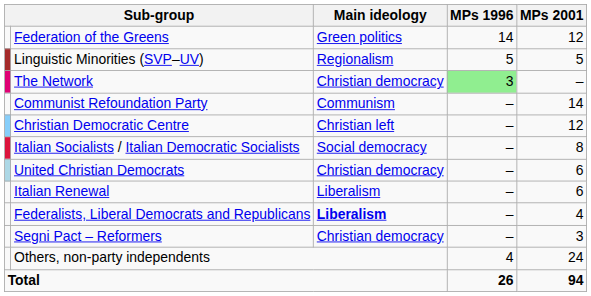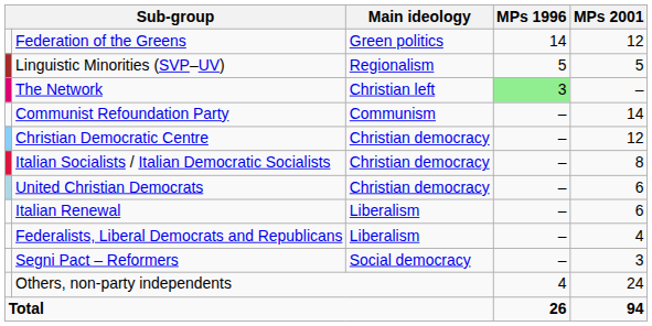 <table class="wikitable" style="font-size:100%">
 <tr>
 <th colspan=2>Sub-group</th>
 <th>Main ideology</th>
 <th>MPs 1996</th>
 <th>MPs 2001</th>
 </tr>
 <tr>
 <td></td>
 <td><a href='#'>Federation of the Greens</a></td>
 <td><a href='#'>Green politics</a></td>
 <td align=right>14</td>
 <td align=right>12</td>
 </tr>
 <tr>
 <td bgcolor="brown"></td>
 <td>Linguistic Minorities (<a href='#'>SVP</a>–<a href='#'>UV</a>)</td>
 <td><a href='#'>Regionalism</a></td>
 <td align=right>5</td>
 <td align=right>5</td>
 </tr>
 <tr>
 <td bgcolor="#DF0174"></td>
 <td><a href='#'>The Network</a></td>
-<td><a href='#'>Christian democracy</a></td>
+<td><a href='#'>Christian left</a></td>
 <td align=right style="background: lightgreen;">3</td>
 <td align=right>–</td>
 </tr>
 <tr>
 <td></td>
 <td><a href='#'>Communist Refoundation Party</a></td>
 <td><a href='#'>Communism</a></td>
 <td align=right>–</td>
 <td align=right>14</td>
 </tr>
 <tr>
 <td bgcolor="lightskyblue"></td>
 <td><a href='#'>Christian Democratic Centre</a></td>
-<td><a href='#'>Christian left</a></td>
+<td><a href='#'>Christian democracy</a></td>
 <td align=right>–</td>
 <td align=right>12</td>
 </tr>
 <tr>
 <td bgcolor="#DC143C"></td>
 <td><a href='#'>Italian Socialists</a> / <a href='#'>Italian Democratic Socialists</a></td>
-<td><a href='#'>Social democracy</a></td>
+<td><a href='#'>Christian democracy</a></td>
 <td align=right>–</td>
 <td align=right>8</td>
 </tr>
 <tr>
 <td bgcolor="lightblue"></td>
 <td><a href='#'>United Christian Democrats</a></td>
 <td><a href='#'>Christian democracy</a></td>
 <td align=right>–</td>
 <td align=right>6</td>
 </tr>
 <tr>
 <td></td>
 <td><a href='#'>Italian Renewal</a></td>
 <td><a href='#'>Liberalism</a></td>
 <td align=right>–</td>
 <td align=right>6</td>
 </tr>
 <tr>
 <td></td>
 <td><a href='#'>Federalists, Liberal Democrats and Republicans</a></td>
-<td><strong><a href='#'>Liberalism</a></strong></td>
+<td><a href='#'>Liberalism</a></td>
 <td align=right>–</td>
 <td align=right>4</td>
 </tr>
 <tr>
 <td></td>
 <td><a href='#'>Segni Pact – Reformers</a></td>
-<td><a href='#'>Christian democracy</a></td>
+<td><a href='#'>Social democracy</a></td>
 <td align=right>–</td>
 <td align=right>3</td>
 </tr>
 <tr>
 <td></td>
 <td colspan=2>Others, non-party independents</td>
 <td align=right>4</td>
 <td align=right>24</td>
 </tr>
 <tr>
 <td colspan=3><strong>Total</strong></td>
 <td align=right><strong>26</strong></td>
 <td align=right><strong>94</strong></td>
 </tr>
 </table>
